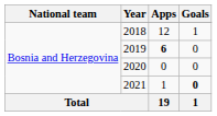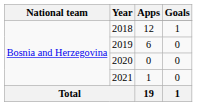 <table class="wikitable" style="text-align:center">
 <tr>
 <th>National team</th>
 <th>Year</th>
 <th>Apps</th>
 <th>Goals</th>
 </tr>
 <tr>
 <td rowspan=5><a href='#'>Bosnia and Herzegovina</a></td>
 </tr>
 <tr>
 <td>2018</td>
 <td>12</td>
 <td>1</td>
 </tr>
 <tr>
 <td>2019</td>
-<td><strong>6</strong></td>
+<td>6</td>
 <td>0</td>
 </tr>
 <tr>
 <td>2020</td>
 <td>0</td>
 <td>0</td>
 </tr>
 <tr>
 <td>2021</td>
 <td>1</td>
-<td><strong>0</strong></td>
+<td>0</td>
 </tr>
 <tr>
 <th colspan=2>Total</th>
 <th>19</th>
 <th>1</th>
 </tr>
 </table>
